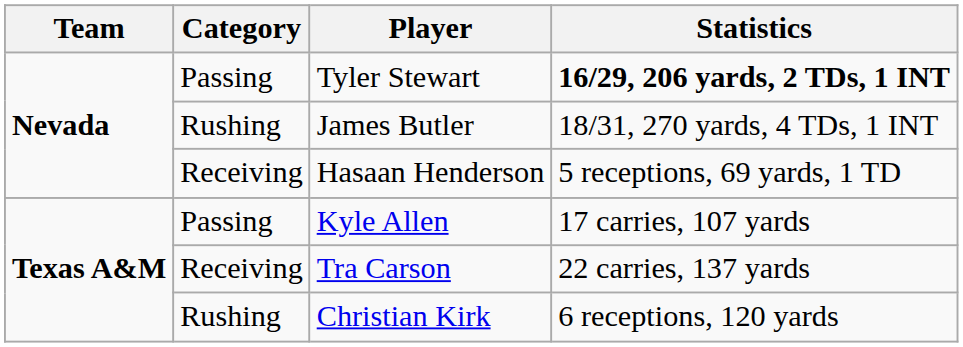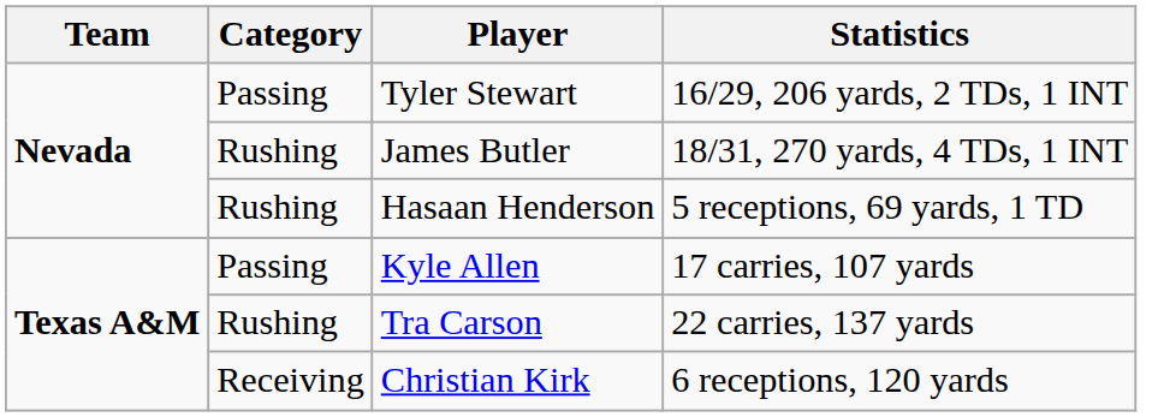 <table class="wikitable" style="float: left;">
 <tr>
 <th>Team</th>
 <th>Category</th>
 <th>Player</th>
 <th>Statistics</th>
 </tr>
 <tr>
 <td rowspan=3><strong>Nevada</strong></td>
 <td>Passing</td>
 <td>Tyler Stewart</td>
-<td><strong>16/29, 206 yards, 2 TDs, 1 INT</strong></td>
+<td>16/29, 206 yards, 2 TDs, 1 INT</td>
 </tr>
 <tr>
 <td>Rushing</td>
 <td>James Butler</td>
 <td>18/31, 270 yards, 4 TDs, 1 INT</td>
 </tr>
 <tr>
-<td>Receiving</td>
+<td>Rushing</td>
 <td>Hasaan Henderson</td>
 <td>5 receptions, 69 yards, 1 TD</td>
 </tr>
 <tr>
 <td rowspan=3><strong>Texas A&M</strong></td>
 <td>Passing</td>
 <td><a href='#'>Kyle Allen</a></td>
 <td>17 carries, 107 yards</td>
 </tr>
 <tr>
-<td>Receiving</td>
+<td>Rushing</td>
 <td><a href='#'>Tra Carson</a></td>
 <td>22 carries, 137 yards</td>
 </tr>
 <tr>
-<td>Rushing</td>
+<td>Receiving</td>
 <td><a href='#'>Christian Kirk</a></td>
 <td>6 receptions, 120 yards</td>
 </tr>
 </table>
